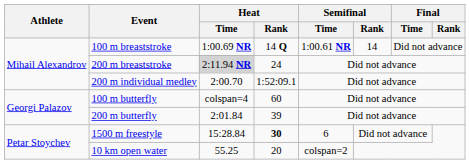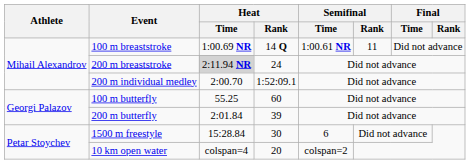 <table class=wikitable style="font-size:90%">
 <tr>
 <th rowspan="2">Athlete</th>
 <th rowspan="2">Event</th>
 <th colspan="2">Heat</th>
 <th colspan="2">Semifinal</th>
 <th colspan="2">Final</th>
 </tr>
 <tr style="font-size:95%">
 <th>Time</th>
 <th>Rank</th>
 <th>Time</th>
 <th>Rank</th>
 <th>Time</th>
 <th>Rank</th>
 </tr>
 <tr align=center>
 <td align=left rowspan=3><a href='#'>Mihail Alexandrov</a></td>
 <td align=left><a href='#'>100 m breaststroke</a></td>
 <td>1:00.69 <strong><a href='#'>NR</a></strong></td>
 <td>14 <strong>Q</strong></td>
 <td>1:00.61 <strong><a href='#'>NR</a></strong></td>
-<td>14</td>
+<td>11</td>
 <td colspan=2>Did not advance</td>
 </tr>
 <tr align=center>
 <td align=left><a href='#'>200 m breaststroke</a></td>
 <td style="background: lightgrey;">2:11.94 <strong><a href='#'>NR</a></strong></td>
 <td>24</td>
 <td colspan=4>Did not advance</td>
 </tr>
 <tr align=center>
 <td align=left><a href='#'>200 m individual medley</a></td>
 <td>2:00.70</td>
 <td>1:52:09.1</td>
 <td colspan=4>Did not advance</td>
 </tr>
 <tr align=center>
 <td align=left rowspan=2><a href='#'>Georgi Palazov</a></td>
 <td align=left><a href='#'>100 m butterfly</a></td>
-<td>colspan=4 </td>
+<td>55.25</td>
 <td>60</td>
 <td colspan=4>Did not advance</td>
 </tr>
 <tr align=center>
 <td align=left><a href='#'>200 m butterfly</a></td>
 <td>2:01.84</td>
 <td>39</td>
 <td colspan=4>Did not advance</td>
 </tr>
 <tr align=center>
 <td align=left rowspan=2><a href='#'>Petar Stoychev</a></td>
 <td align=left><a href='#'>1500 m freestyle</a></td>
 <td>15:28.84</td>
-<td><strong>30</strong></td>
+<td>30</td>
 <td>6</td>
 <td colspan=2>Did not advance</td>
 </tr>
 <tr align=center>
 <td align=left><a href='#'>10 km open water</a></td>
-<td>55.25</td>
+<td>colspan=4 </td>
 <td>20</td>
 <td>colspan=2 </td>
 </tr>
 </table>
